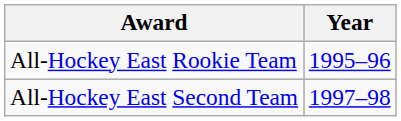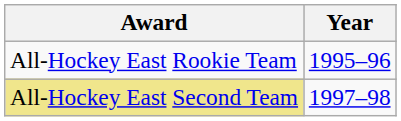 <table class="wikitable">
 <tr>
 <th>Award</th>
 <th>Year</th>
 </tr>
 <tr>
 <td>All-<a href='#'>Hockey East</a> <a href='#'>Rookie Team</a></td>
 <td><a href='#'>1995–96</a></td>
 </tr>
 <tr>
-<td>All-<a href='#'>Hockey East</a> <a href='#'>Second Team</a></td>
+<td style="background: khaki;">All-<a href='#'>Hockey East</a> <a href='#'>Second Team</a></td>
 <td><a href='#'>1997–98</a></td>
 </tr>
 </table>
